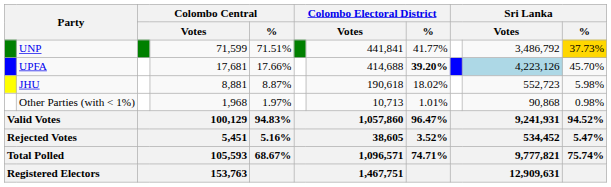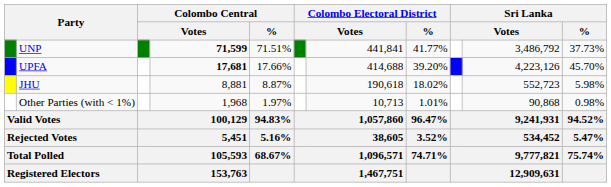 <table class="wikitable">
 <tr>
 <th colspan="2" width="144px"rowspan="2">Party</th>
 <th colspan="3" width="216px">Colombo Central</th>
 <th colspan="3" width="216px"><a href='#'>Colombo Electoral District</a></th>
 <th colspan="3" width="216px">Sri Lanka</th>
 </tr>
 <tr>
 <th colspan="2" width="144px">Votes</th>
 <th>%</th>
 <th colspan="2" width="144px">Votes</th>
 <th>%</th>
 <th colspan="2" width="144px">Votes</th>
 <th>%</th>
 </tr>
 <tr>
 <td style="background-color:green;" width="10px"></td>
 <td style="text-align:left;"><a href='#'>UNP</a></td>
 <td style="background-color:green;" width="10px"></td>
-<td style="text-align:right;">71,599</td>
+<td style="text-align:right;"><strong>71,599</strong></td>
 <td style="text-align:right;">71.51%</td>
 <td style="background-color:green;" width="10px"></td>
 <td style="text-align:right;">441,841</td>
 <td style="text-align:right;">41.77%</td>
 <td style="background-color:white;" width="10px"></td>
 <td style="text-align:right;">3,486,792</td>
-<td style="background: gold; text-align:right;">37.73%</td>
+<td style="text-align:right;">37.73%</td>
 </tr>
 <tr>
 <td style="background-color:blue;" width="10px"></td>
 <td style="text-align:left;"><a href='#'>UPFA</a></td>
 <td style="background-color:white;" width="10px"></td>
-<td style="text-align:right;">17,681</td>
+<td style="text-align:right;"><strong>17,681</strong></td>
 <td style="text-align:right;">17.66%</td>
 <td style="background-color:white;" width="10px"></td>
 <td style="text-align:right;">414,688</td>
-<td style="text-align:right;"><strong>39.20%</strong></td>
+<td style="text-align:right;">39.20%</td>
 <td style="background-color:blue;" width="10px"></td>
-<td style="background: lightblue; text-align:right;">4,223,126</td>
+<td style="text-align:right;">4,223,126</td>
 <td style="text-align:right;">45.70%</td>
 </tr>
 <tr>
 <td style="background-color:yellow;" width="10px"></td>
 <td style="text-align:left;"><a href='#'>JHU</a></td>
 <td style="background-color:white;" width="10px"></td>
 <td style="text-align:right;">8,881</td>
 <td style="text-align:right;">8.87%</td>
 <td style="background-color:white;" width="10px"></td>
 <td style="text-align:right;">190,618</td>
 <td style="text-align:right;">18.02%</td>
 <td style="background-color:white;" width="10px"></td>
 <td style="text-align:right;">552,723</td>
 <td style="text-align:right;">5.98%</td>
 </tr>
 <tr>
 <td style="background-color:white;" width="10px"></td>
 <td style="text-align:left;">Other Parties (with < 1%)</td>
 <td style="background-color:white;" width="10px"></td>
 <td style="text-align:right;">1,968</td>
 <td style="text-align:right;">1.97%</td>
 <td style="background-color:white;" width="10px"></td>
 <td style="text-align:right;">10,713</td>
 <td style="text-align:right;">1.01%</td>
 <td style="background-color:white;" width="10px"></td>
 <td style="text-align:right;">90,868</td>
 <td style="text-align:right;">0.98%</td>
 </tr>
 <tr>
 <th colspan="2" width="144px"style="text-align:left;">Valid Votes</th>
 <th style="text-align:right;"colspan="2" width="144px">100,129</th>
 <th style="text-align:right;">94.83%</th>
 <th style="text-align:right;"colspan="2" width="144px">1,057,860</th>
 <th style="text-align:right;">96.47%</th>
 <th style="text-align:right;"colspan="2" width="144px">9,241,931</th>
 <th style="text-align:right;">94.52%</th>
 </tr>
 <tr>
 <th colspan="2" width="144px"style="text-align:left;">Rejected Votes</th>
 <th style="text-align:right;"colspan="2" width="144px">5,451</th>
 <th style="text-align:right;">5.16%</th>
 <th style="text-align:right;"colspan="2" width="144px">38,605</th>
 <th style="text-align:right;">3.52%</th>
 <th style="text-align:right;"colspan="2" width="144px">534,452</th>
 <th style="text-align:right;">5.47%</th>
 </tr>
 <tr>
 <th colspan="2" width="144px"style="text-align:left;">Total Polled</th>
 <th style="text-align:right;"colspan="2" width="144px">105,593</th>
 <th style="text-align:right;">68.67%</th>
 <th style="text-align:right;"colspan="2" width="144px">1,096,571</th>
 <th style="text-align:right;">74.71%</th>
 <th style="text-align:right;"colspan="2" width="144px">9,777,821</th>
 <th style="text-align:right;">75.74%</th>
 </tr>
 <tr>
 <th colspan="2" width="144px"style="text-align:left;">Registered Electors</th>
 <th style="text-align:right;"colspan="2" width="144px">153,763</th>
 <th></th>
 <th style="text-align:right;"colspan="2" width="144px">1,467,751</th>
 <th></th>
 <th style="text-align:right;"colspan="2" width="144px">12,909,631</th>
 <th></th>
 </tr>
 </table>
